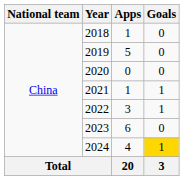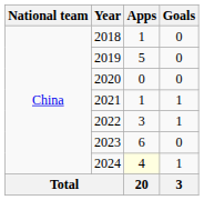 <table class="wikitable" style="text-align:center">
 <tr>
 <th>National team</th>
 <th>Year</th>
 <th>Apps</th>
 <th>Goals</th>
 </tr>
 <tr>
 <td rowspan="7"><a href='#'>China</a></td>
 <td>2018</td>
 <td>1</td>
 <td>0</td>
 </tr>
 <tr>
 <td>2019</td>
 <td>5</td>
 <td>0</td>
 </tr>
 <tr>
 <td>2020</td>
 <td>0</td>
 <td>0</td>
 </tr>
 <tr>
 <td>2021</td>
 <td>1</td>
 <td>1</td>
 </tr>
 <tr>
 <td>2022</td>
 <td>3</td>
 <td>1</td>
 </tr>
 <tr>
 <td>2023</td>
 <td>6</td>
 <td>0</td>
 </tr>
 <tr>
 <td>2024</td>
-<td>4</td>
-<td style="background: gold;">1</td>
+<td style="background: lightyellow;">4</td>
+<td>1</td>
 </tr>
 <tr>
 <th colspan="2">Total</th>
 <th>20</th>
 <th>3</th>
 </tr>
 </table>
